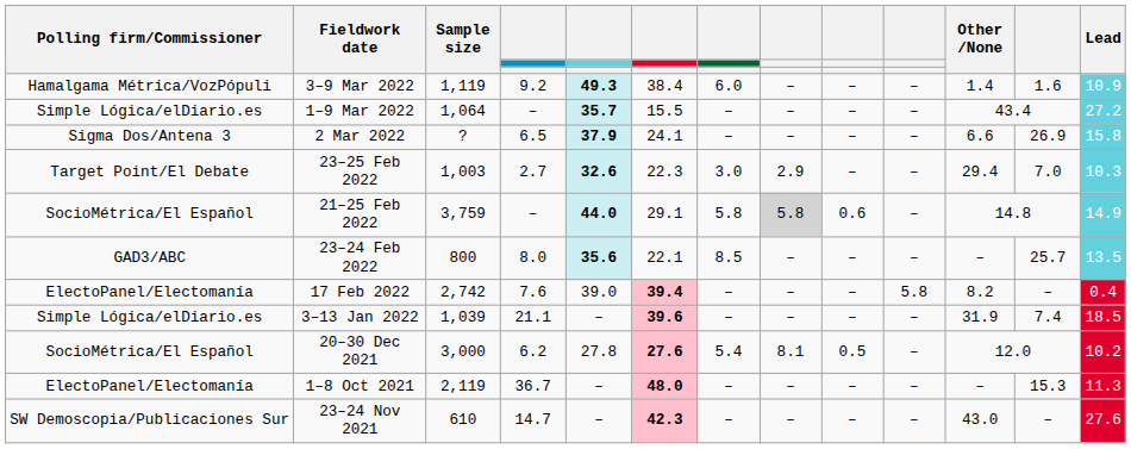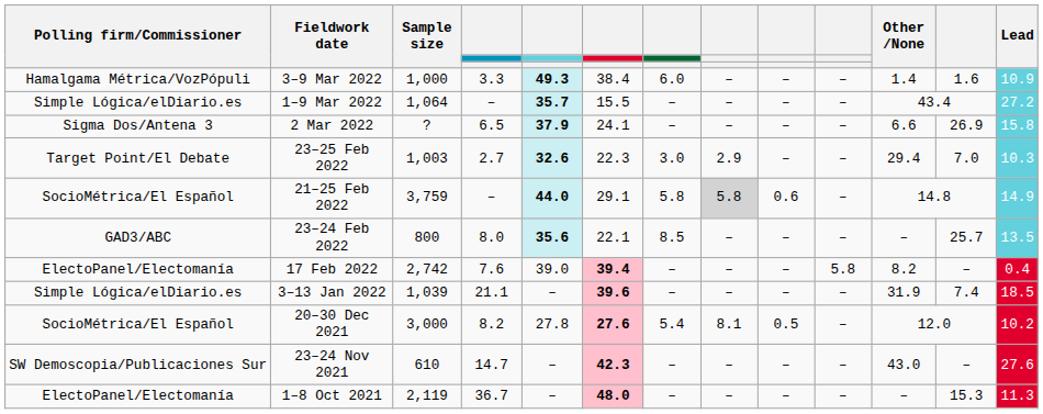 <table class="wikitable collapsible collapsed" style="text-align:center; font-size:90%; line-height:14px;">
 <tr style="height:42px;">
 <th style="width:260px;" rowspan="3">Polling firm/Commissioner</th>
 <th style="width:125px;" rowspan="3">Fieldwork date</th>
 <th style="width:60px;" rowspan="3">Sample size</th>
 <th style="width:60px;"></th>
 <th style="width:60px;"></th>
 <th style="width:60px;"></th>
 <th style="width:60px;"></th>
 <th style="width:60px;"></th>
 <th style="width:60px;"></th>
 <th style="width:60px;"></th>
 <th style="width:60px;" rowspan="3">Other<br>/None</th>
 <th style="width:60px;" rowspan="3"></th>
 <th style="width:30px;" rowspan="3">Lead</th>
 </tr>
 <tr>
 <th style="color:inherit;background:#0093BF;"></th>
 <th style="color:inherit;background:#62D0DD;"></th>
 <th style="color:inherit;background:#E1002D;"></th>
 <th style="color:inherit;background:#006633;"></th>
 <th style="color:inherit;background:"></th>
 <th style="color:inherit;background:"></th>
 <th style="color:inherit;background:"></th>
 </tr>
 <tr>
 <th></th>
 <th></th>
 <th></th>
 <th></th>
 <th></th>
 <th></th>
 <th></th>
 </tr>
 <tr>
 <td>Hamalgama Métrica/VozPópuli</td>
 <td>3–9 Mar 2022</td>
-<td>1,119</td>
-<td>9.2</td>
+<td>1,000</td>
+<td>3.3</td>
 <td style="color:inherit;background:#CBEFF3;"><strong>49.3</strong></td>
 <td>38.4</td>
 <td>6.0</td>
 <td>–</td>
 <td>–</td>
 <td>–</td>
 <td>1.4</td>
 <td>1.6</td>
 <td style="color:inherit;background:#62D0DD; color:white;">10.9</td>
 </tr>
 <tr>
 <td>Simple Lógica/elDiario.es</td>
 <td>1–9 Mar 2022</td>
 <td>1,064</td>
 <td>–</td>
 <td style="color:inherit;background:#CBEFF3;"><strong>35.7</strong></td>
 <td>15.5</td>
 <td>–</td>
 <td>–</td>
 <td>–</td>
 <td>–</td>
 <td colspan="2">43.4</td>
 <td style="color:inherit;background:#62D0DD; color:white;">27.2</td>
 </tr>
 <tr>
 <td>Sigma Dos/Antena 3</td>
 <td>2 Mar 2022</td>
 <td>?</td>
 <td>6.5</td>
 <td style="color:inherit;background:#CBEFF3;"><strong>37.9</strong></td>
 <td>24.1</td>
 <td>–</td>
 <td>–</td>
 <td>–</td>
 <td>–</td>
 <td>6.6</td>
 <td>26.9</td>
 <td style="color:inherit;background:#62D0DD; color:white;">15.8</td>
 </tr>
 <tr>
 <td>Target Point/El Debate</td>
 <td>23–25 Feb 2022</td>
 <td>1,003</td>
 <td>2.7</td>
 <td style="color:inherit;background:#CBEFF3;"><strong>32.6</strong></td>
 <td>22.3</td>
 <td>3.0</td>
 <td>2.9</td>
 <td>–</td>
 <td>–</td>
 <td>29.4</td>
 <td>7.0</td>
 <td style="color:inherit;background:#62D0DD; color:white;">10.3</td>
 </tr>
 <tr>
 <td>SocioMétrica/El Español</td>
 <td>21–25 Feb 2022</td>
 <td>3,759</td>
 <td>–</td>
 <td style="color:inherit;background:#CBEFF3;"><strong>44.0</strong></td>
 <td>29.1</td>
 <td>5.8</td>
 <td style="background: lightgrey;">5.8</td>
 <td>0.6</td>
 <td>–</td>
 <td colspan="2">14.8</td>
 <td style="color:inherit;background:#62D0DD; color:white;">14.9</td>
 </tr>
 <tr>
 <td>GAD3/ABC</td>
 <td>23–24 Feb 2022</td>
 <td>800</td>
 <td>8.0</td>
 <td style="color:inherit;background:#CBEFF3;"><strong>35.6</strong></td>
 <td>22.1</td>
 <td>8.5</td>
 <td>–</td>
 <td>–</td>
 <td>–</td>
 <td>–</td>
 <td>25.7</td>
 <td style="color:inherit;background:#62D0DD; color:white;">13.5</td>
 </tr>
 <tr>
 <td>ElectoPanel/Electomanía</td>
 <td>17 Feb 2022</td>
 <td>2,742</td>
 <td>7.6</td>
 <td>39.0</td>
 <td style="color:inherit;background:#FFBFCC;"><strong>39.4</strong></td>
 <td>–</td>
 <td>–</td>
 <td>–</td>
 <td>5.8</td>
 <td>8.2</td>
 <td>–</td>
 <td style="color:inherit;background:#E1002D; color:white;">0.4</td>
 </tr>
 <tr>
 <td>Simple Lógica/elDiario.es</td>
 <td>3–13 Jan 2022</td>
 <td>1,039</td>
 <td>21.1</td>
 <td>–</td>
 <td style="color:inherit;background:#FFBFCC;"><strong>39.6</strong></td>
 <td>–</td>
 <td>–</td>
 <td>–</td>
 <td>–</td>
 <td>31.9</td>
 <td>7.4</td>
 <td style="color:inherit;background:#E1002D; color:white;">18.5</td>
 </tr>
 <tr>
 <td>SocioMétrica/El Español</td>
 <td>20–30 Dec 2021</td>
 <td>3,000</td>
-<td>6.2</td>
+<td>8.2</td>
 <td>27.8</td>
 <td style="color:inherit;background:#FFBFCC;"><strong>27.6</strong></td>
 <td>5.4</td>
 <td>8.1</td>
 <td>0.5</td>
 <td>–</td>
 <td colspan="2">12.0</td>
 <td style="color:inherit;background:#E1002D; color:white;">10.2</td>
+</tr>
+<tr>
+<td>SW Demoscopia/Publicaciones Sur</td>
+<td>23–24 Nov 2021</td>
+<td>610</td>
+<td>14.7</td>
+<td>–</td>
+<td style="color:inherit;background:#FFBFCC;"><strong>42.3</strong></td>
+<td>–</td>
+<td>–</td>
+<td>–</td>
+<td>–</td>
+<td>43.0</td>
+<td>–</td>
+<td style="color:inherit;background:#E1002D; color:white;">27.6</td>
 </tr>
 <tr>
 <td>ElectoPanel/Electomanía</td>
 <td>1–8 Oct 2021</td>
 <td>2,119</td>
 <td>36.7</td>
 <td>–</td>
 <td style="color:inherit;background:#FFBFCC;"><strong>48.0</strong></td>
 <td>–</td>
 <td>–</td>
 <td>–</td>
 <td>–</td>
 <td>–</td>
 <td>15.3</td>
 <td style="color:inherit;background:#E1002D; color:white;">11.3</td>
 </tr>
-<tr>
-<td>SW Demoscopia/Publicaciones Sur</td>
-<td>23–24 Nov 2021</td>
-<td>610</td>
-<td>14.7</td>
-<td>–</td>
-<td style="color:inherit;background:#FFBFCC;"><strong>42.3</strong></td>
-<td>–</td>
-<td>–</td>
-<td>–</td>
-<td>–</td>
-<td>43.0</td>
-<td>–</td>
-<td style="color:inherit;background:#E1002D; color:white;">27.6</td>
-</tr>
 </table>
